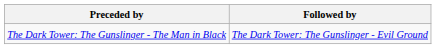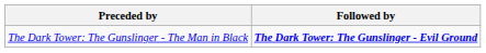 <table class="wikitable">
 <tr>
 <th><small><strong>Preceded by</strong></small></th>
 <th><small><strong>Followed by</strong></small></th>
 </tr>
 <tr>
 <td><small><em><a href='#'>The Dark Tower: The Gunslinger - The Man in Black</a></em></small></td>
-<td><small><em><a href='#'>The Dark Tower: The Gunslinger - Evil Ground</a></em></small></td>
+<td><strong><small><em><a href='#'>The Dark Tower: The Gunslinger - Evil Ground</a></em></small></strong></td>
 </tr>
 </table>
